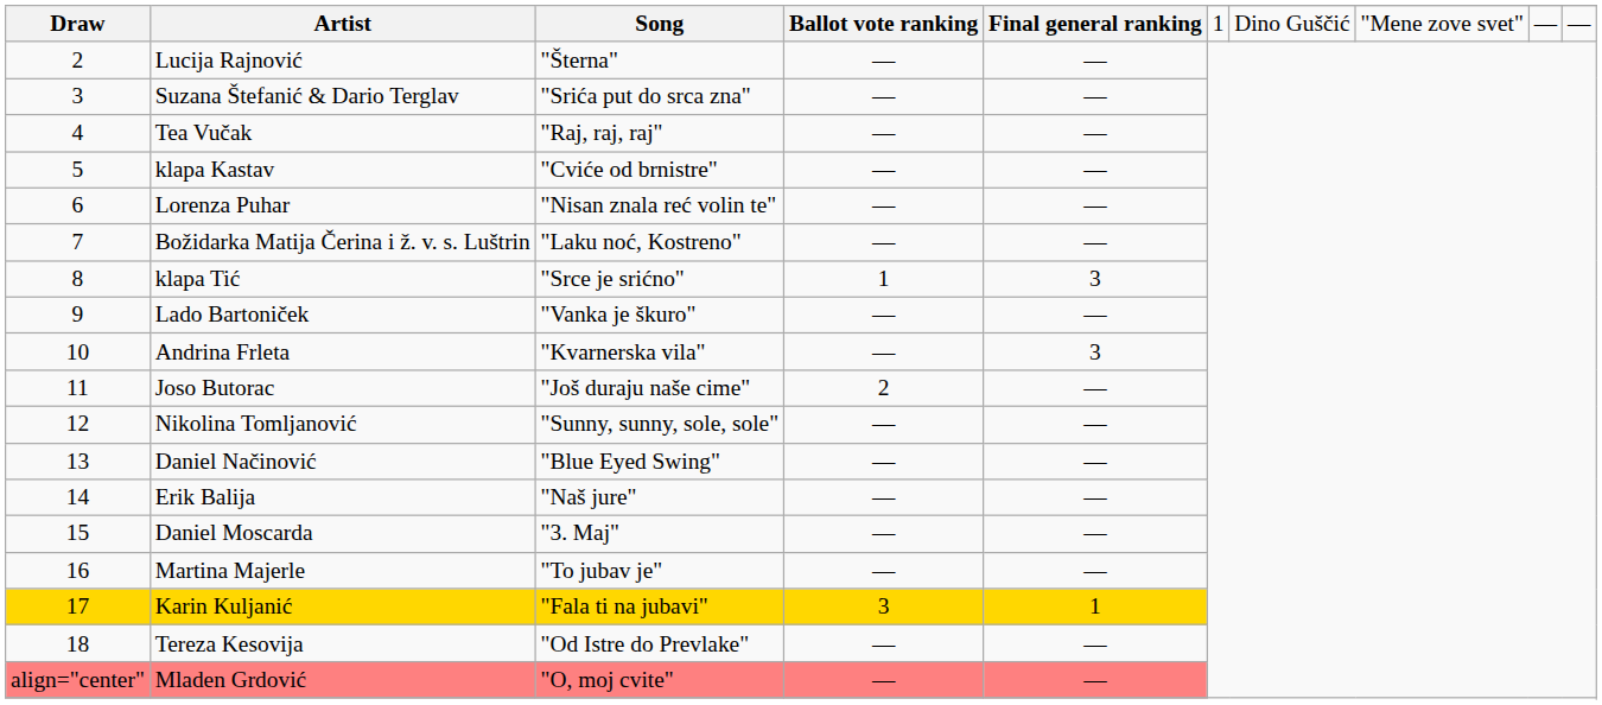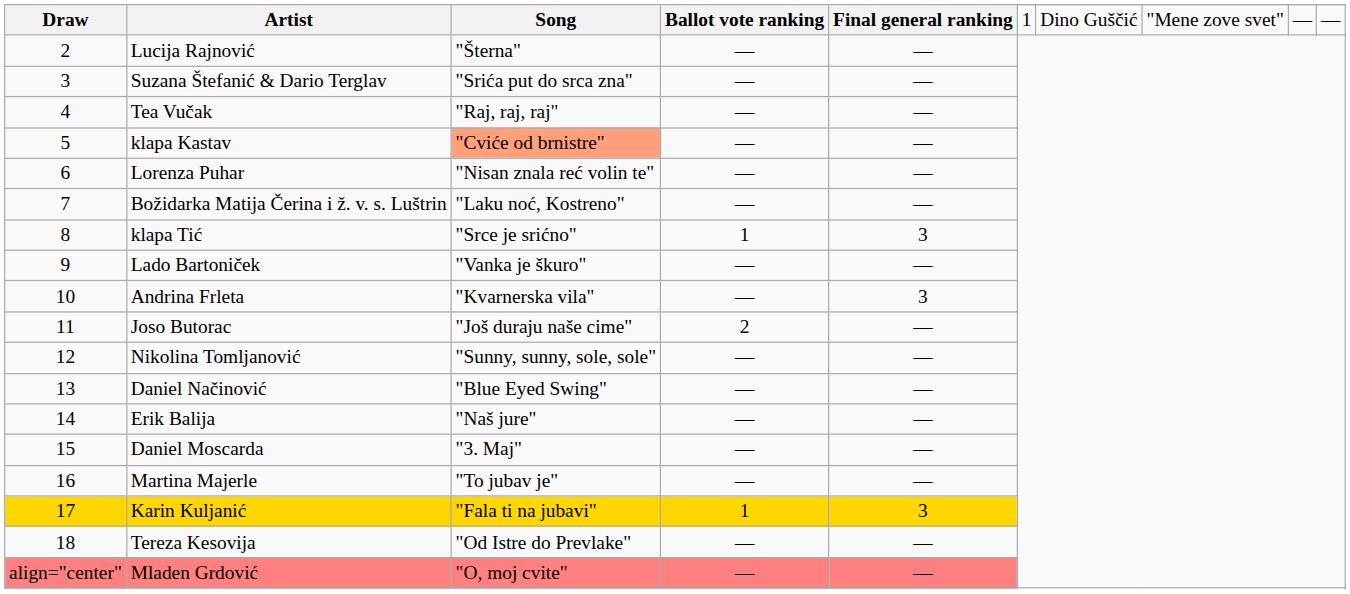 <table class="wikitable sortable">
 <tr>
 <th rowspan="2">Draw</th>
 <th rowspan="2">Artist</th>
 <th rowspan="2">Song</th>
 <th rowspan="2">Ballot vote ranking</th>
 <th rowspan="2">Final general ranking</th>
 </tr>
 <tr>
 <td align="center">1</td>
 <td>Dino Guščić</td>
 <td>"Mene zove svet"</td>
 <td align="center">—</td>
 <td align="center">—</td>
 </tr>
 <tr>
 <td align="center">2</td>
 <td>Lucija Rajnović</td>
 <td>"Šterna"</td>
 <td align="center">—</td>
 <td align="center">—</td>
 </tr>
 <tr>
 <td align="center">3</td>
 <td>Suzana Štefanić & Dario Terglav</td>
 <td>"Srića put do srca zna"</td>
 <td align="center">—</td>
 <td align="center">—</td>
 </tr>
 <tr>
 <td align="center">4</td>
 <td>Tea Vučak</td>
 <td>"Raj, raj, raj"</td>
 <td align="center">—</td>
 <td align="center">—</td>
 </tr>
 <tr>
 <td align="center">5</td>
 <td>klapa Kastav</td>
-<td>"Cviće od brnistre"</td>
+<td style="background: lightsalmon;">"Cviće od brnistre"</td>
 <td align="center">—</td>
 <td align="center">—</td>
 </tr>
 <tr>
 <td align="center">6</td>
 <td>Lorenza Puhar</td>
 <td>"Nisan znala reć volin te"</td>
 <td align="center">—</td>
 <td align="center">—</td>
 </tr>
 <tr>
 <td align="center">7</td>
 <td>Božidarka Matija Čerina i ž. v. s. Luštrin</td>
 <td>"Laku noć, Kostreno"</td>
 <td align="center">—</td>
 <td align="center">—</td>
 </tr>
 <tr>
 <td align="center">8</td>
 <td>klapa Tić</td>
 <td>"Srce je srićno"</td>
 <td align="center">1</td>
 <td align="center">3</td>
 </tr>
 <tr>
 <td align="center">9</td>
 <td>Lado Bartoniček</td>
 <td>"Vanka je škuro"</td>
 <td align="center">—</td>
 <td align="center">—</td>
 </tr>
 <tr>
 <td align="center">10</td>
 <td>Andrina Frleta</td>
 <td>"Kvarnerska vila"</td>
 <td align="center">—</td>
 <td align="center">3</td>
 </tr>
 <tr>
 <td align="center">11</td>
 <td>Joso Butorac</td>
 <td>"Još duraju naše cime"</td>
 <td align="center">2</td>
 <td align="center">—</td>
 </tr>
 <tr>
 <td align="center">12</td>
 <td>Nikolina Tomljanović</td>
 <td>"Sunny, sunny, sole, sole"</td>
 <td align="center">—</td>
 <td align="center">—</td>
 </tr>
 <tr>
 <td align="center">13</td>
 <td>Daniel Načinović</td>
 <td>"Blue Eyed Swing"</td>
 <td align="center">—</td>
 <td align="center">—</td>
 </tr>
 <tr>
 <td align="center">14</td>
 <td>Erik Balija</td>
 <td>"Naš jure"</td>
 <td align="center">—</td>
 <td align="center">—</td>
 </tr>
 <tr>
 <td align="center">15</td>
 <td>Daniel Moscarda</td>
 <td>"3. Maj"</td>
 <td align="center">—</td>
 <td align="center">—</td>
 </tr>
 <tr>
 <td align="center">16</td>
 <td>Martina Majerle</td>
 <td>"To jubav je"</td>
 <td align="center">—</td>
 <td align="center">—</td>
 </tr>
 <tr style="background:gold;">
 <td align="center">17</td>
 <td>Karin Kuljanić</td>
 <td>"Fala ti na jubavi"</td>
+<td align="center">1</td>
 <td align="center">3</td>
-<td align="center">1</td>
 </tr>
 <tr>
 <td align="center">18</td>
 <td>Tereza Kesovija</td>
 <td>"Od Istre do Prevlake"</td>
 <td align="center">—</td>
 <td align="center">—</td>
 </tr>
 <tr style="background:#fe8080;">
 <td>align="center" </td>
 <td>Mladen Grdović</td>
 <td>"O, moj cvite"</td>
 <td align="center">—</td>
 <td align="center">—</td>
 </tr>
 <tr>
 </tr>
 </table>
